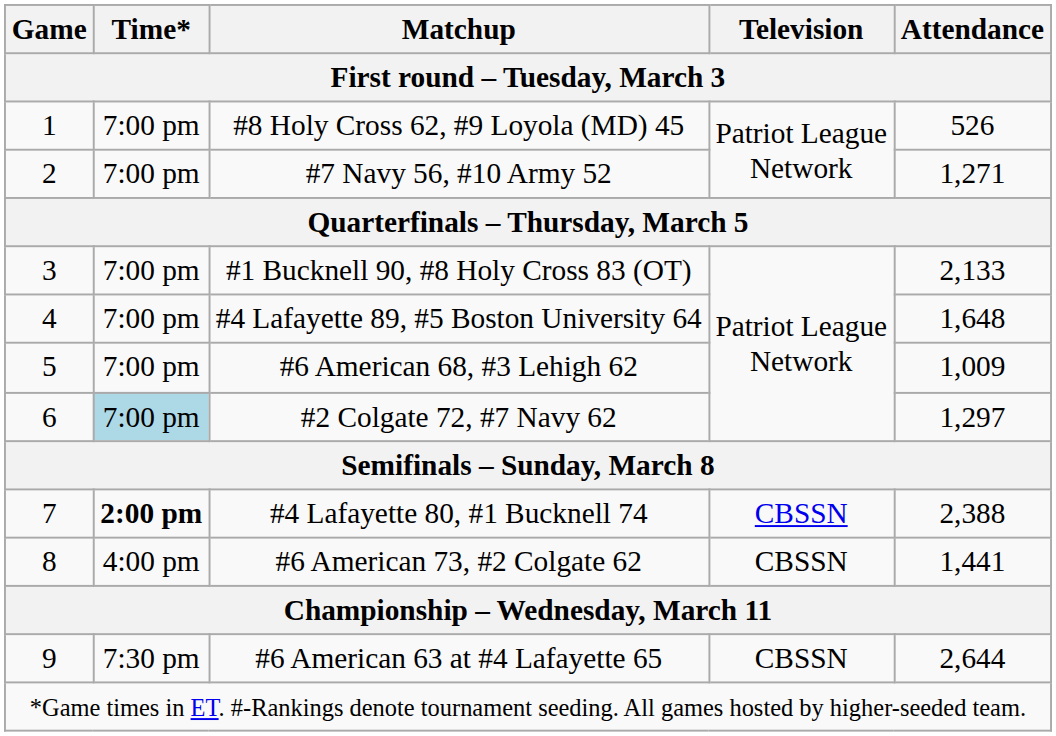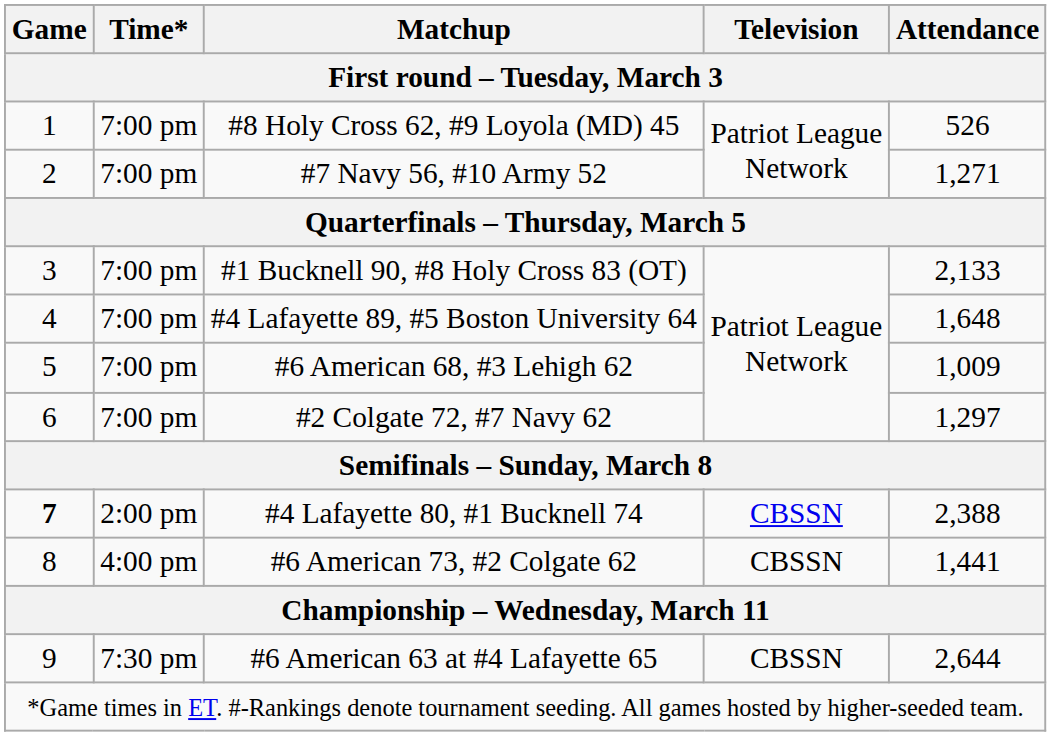 <table class="wikitable" style="text-align:center;font-size: 95%">
 <tr>
 <th>Game</th>
 <th>Time*</th>
 <th>Matchup</th>
 <th>Television</th>
 <th>Attendance</th>
 </tr>
 <tr>
 <th colspan=5>First round – Tuesday, March 3</th>
 </tr>
 <tr>
 <td>1</td>
 <td>7:00 pm</td>
 <td>#8 Holy Cross 62, #9 Loyola (MD) 45</td>
 <td rowspan=2>Patriot League<br>Network</td>
 <td>526</td>
 </tr>
 <tr>
 <td>2</td>
 <td>7:00 pm</td>
 <td>#7 Navy 56, #10 Army 52</td>
 <td>1,271</td>
 </tr>
 <tr>
 <th colspan=5>Quarterfinals – Thursday, March 5</th>
 </tr>
 <tr>
 <td>3</td>
 <td>7:00 pm</td>
 <td>#1 Bucknell 90, #8 Holy Cross 83 (OT)</td>
 <td rowspan=4>Patriot League<br>Network</td>
 <td>2,133</td>
 </tr>
 <tr>
 <td>4</td>
 <td>7:00 pm</td>
 <td>#4 Lafayette 89, #5 Boston University 64</td>
 <td>1,648</td>
 </tr>
 <tr>
 <td>5</td>
 <td>7:00 pm</td>
 <td>#6 American 68, #3 Lehigh 62</td>
 <td>1,009</td>
 </tr>
 <tr>
 <td>6</td>
-<td style="background: lightblue;">7:00 pm</td>
+<td>7:00 pm</td>
 <td>#2 Colgate 72, #7 Navy 62</td>
 <td>1,297</td>
 </tr>
 <tr>
 <th colspan=5>Semifinals – Sunday, March 8</th>
 </tr>
 <tr>
-<td>7</td>
-<td><strong>2:00 pm</strong></td>
+<td><strong>7</strong></td>
+<td>2:00 pm</td>
 <td>#4 Lafayette 80, #1 Bucknell 74</td>
 <td><a href='#'>CBSSN</a></td>
 <td>2,388</td>
 </tr>
 <tr>
 <td>8</td>
 <td>4:00 pm</td>
 <td>#6 American 73, #2 Colgate 62</td>
 <td>CBSSN</td>
 <td>1,441</td>
 </tr>
 <tr>
 <th colspan=5>Championship – Wednesday, March 11</th>
 </tr>
 <tr>
 <td>9</td>
 <td>7:30 pm</td>
 <td>#6 American 63 at #4 Lafayette 65</td>
 <td>CBSSN</td>
 <td>2,644</td>
 </tr>
 <tr>
 <td colspan=5><small>*Game times in <a href='#'>ET</a>. #-Rankings denote tournament seeding. All games hosted by higher-seeded team.</small></td>
 </tr>
 </table>
